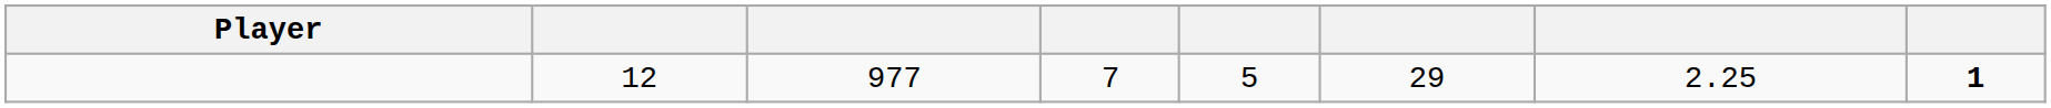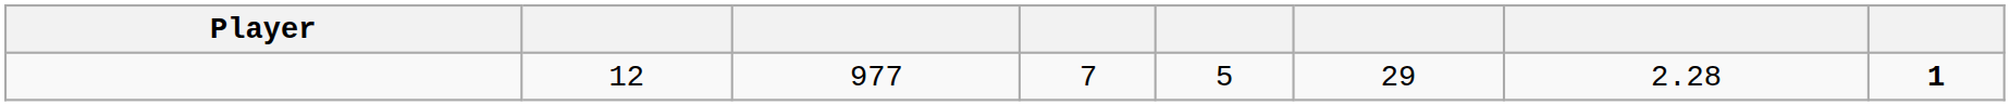 <table class="wikitable sortable" style="width:100%;">
 <tr style="text-align:center; background:#ddd;">
 <th>Player</th>
 <th></th>
 <th></th>
 <th></th>
 <th></th>
 <th></th>
 <th></th>
 <th></th>
 </tr>
 <tr align=center>
 <td></td>
 <td>12</td>
 <td>977</td>
 <td>7</td>
 <td>5</td>
 <td>29</td>
-<td>2.25</td>
+<td>2.28</td>
 <td><strong>1</strong></td>
 </tr>
 </table>
